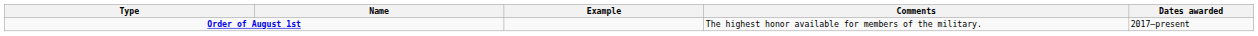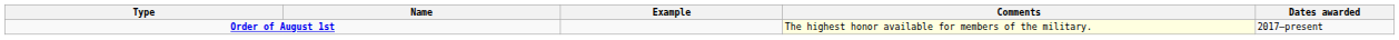 <table class="wikitable" width="100%">
 <tr>
 <th width="20%">Type</th>
 <th width="20%">Name</th>
 <th width="16%">Example</th>
 <th>Comments</th>
 <th width="10%">Dates awarded</th>
 </tr>
 <tr>
 <td colspan=2 style="text-align: center;"><strong><a href='#'>Order of August 1st</a></strong></td>
 <td></td>
-<td>The highest honor available for members of the military.</td>
+<td style="background: lightyellow;">The highest honor available for members of the military.</td>
 <td>2017–present</td>
 </tr>
 </table>
